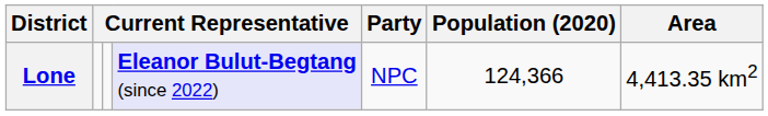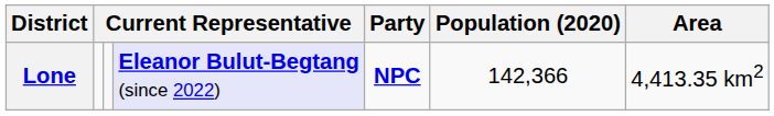 <table class="wikitable sortable" style="margin: 1em auto; font-size:100%; line-height:20px; text-align:center">
 <tr>
 <th>District</th>
 <th colspan="3">Current Representative</th>
 <th>Party</th>
 <th>Population (2020)</th>
 <th>Area</th>
 </tr>
 <tr>
 <th><a href='#'>Lone</a></th>
 <td style="background:"></td>
 <td></td>
 <td style="background: lavender; text-align:left;"><strong><a href='#'>Eleanor Bulut-Begtang</a></strong><br><small>(since <a href='#'>2022</a>)</small></td>
-<td><a href='#'>NPC</a></td>
-<td>124,366</td>
+<td><strong><a href='#'>NPC</a></strong></td>
+<td>142,366</td>
 <td>4,413.35 km<sup>2</sup></td>
 </tr>
 </table>
